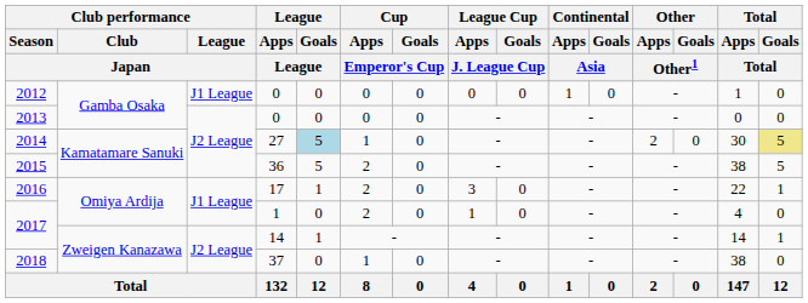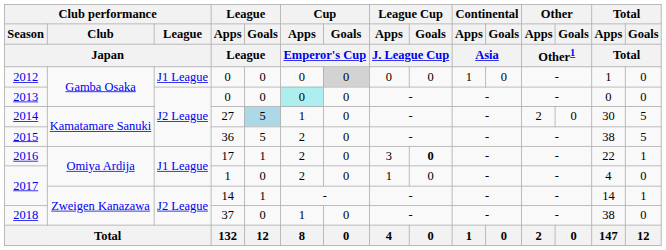 <table class="wikitable" style="text-align:center;">
 <tr>
 <th colspan=3>Club performance</th>
 <th colspan=2>League</th>
 <th colspan=2>Cup</th>
 <th colspan=2>League Cup</th>
 <th colspan=2>Continental</th>
 <th colspan=2>Other</th>
 <th colspan=2>Total</th>
 </tr>
 <tr>
 <th>Season</th>
 <th>Club</th>
 <th>League</th>
 <th>Apps</th>
 <th>Goals</th>
 <th>Apps</th>
 <th>Goals</th>
 <th>Apps</th>
 <th>Goals</th>
 <th>Apps</th>
 <th>Goals</th>
 <th>Apps</th>
 <th>Goals</th>
 <th>Apps</th>
 <th>Goals</th>
 </tr>
 <tr>
 <th colspan=3>Japan</th>
 <th colspan=2>League</th>
 <th colspan=2><a href='#'>Emperor's Cup</a></th>
 <th colspan=2><a href='#'>J. League Cup</a></th>
 <th colspan=2><a href='#'>Asia</a></th>
 <th colspan=2>Other<sup><a href='#'>1</a></sup></th>
 <th colspan=2>Total</th>
 </tr>
 <tr>
 <td><a href='#'>2012</a></td>
 <td rowspan="2"><a href='#'>Gamba Osaka</a></td>
 <td><a href='#'>J1 League</a></td>
 <td>0</td>
 <td>0</td>
 <td>0</td>
-<td>0</td>
+<td style="background: lightgrey;">0</td>
 <td>0</td>
 <td>0</td>
 <td>1</td>
 <td>0</td>
 <td colspan="2">-</td>
 <td>1</td>
 <td>0</td>
 </tr>
 <tr>
 <td><a href='#'>2013</a></td>
 <td rowspan="3"><a href='#'>J2 League</a></td>
 <td>0</td>
 <td>0</td>
-<td>0</td>
+<td style="background: paleturquoise;">0</td>
 <td>0</td>
 <td colspan="2">-</td>
 <td colspan="2">-</td>
 <td colspan="2">-</td>
 <td>0</td>
 <td>0</td>
 </tr>
 <tr>
 <td><a href='#'>2014</a></td>
 <td rowspan="2"><a href='#'>Kamatamare Sanuki</a></td>
 <td>27</td>
 <td style="background: lightblue;">5</td>
 <td>1</td>
 <td>0</td>
 <td colspan="2">-</td>
 <td colspan="2">-</td>
 <td>2</td>
 <td>0</td>
 <td>30</td>
-<td style="background: khaki;">5</td>
+<td>5</td>
 </tr>
 <tr>
 <td><a href='#'>2015</a></td>
 <td>36</td>
 <td>5</td>
 <td>2</td>
 <td>0</td>
 <td colspan="2">-</td>
 <td colspan="2">-</td>
 <td colspan="2">-</td>
 <td>38</td>
 <td>5</td>
 </tr>
 <tr>
 <td><a href='#'>2016</a></td>
 <td rowspan="2"><a href='#'>Omiya Ardija</a></td>
 <td rowspan="2"><a href='#'>J1 League</a></td>
 <td>17</td>
 <td>1</td>
 <td>2</td>
 <td>0</td>
 <td>3</td>
-<td>0</td>
+<td><strong>0</strong></td>
 <td colspan="2">-</td>
 <td colspan="2">-</td>
 <td>22</td>
 <td>1</td>
 </tr>
 <tr>
 <td rowspan="2"><a href='#'>2017</a></td>
 <td>1</td>
 <td>0</td>
 <td>2</td>
 <td>0</td>
 <td>1</td>
 <td>0</td>
 <td colspan="2">-</td>
 <td colspan="2">-</td>
 <td>4</td>
 <td>0</td>
 </tr>
 <tr>
 <td rowspan="2"><a href='#'>Zweigen Kanazawa</a></td>
 <td rowspan="2"><a href='#'>J2 League</a></td>
 <td>14</td>
 <td>1</td>
 <td colspan="2">-</td>
 <td colspan="2">-</td>
 <td colspan="2">-</td>
 <td colspan="2">-</td>
 <td>14</td>
 <td>1</td>
 </tr>
 <tr>
 <td><a href='#'>2018</a></td>
 <td>37</td>
 <td>0</td>
 <td>1</td>
 <td>0</td>
 <td colspan="2">-</td>
 <td colspan="2">-</td>
 <td colspan="2">-</td>
 <td>38</td>
 <td>0</td>
 </tr>
 <tr>
 <th colspan=3>Total</th>
 <th>132</th>
 <th>12</th>
 <th>8</th>
 <th>0</th>
 <th>4</th>
 <th>0</th>
 <th>1</th>
 <th>0</th>
 <th>2</th>
 <th>0</th>
 <th>147</th>
 <th>12</th>
 </tr>
 </table>
